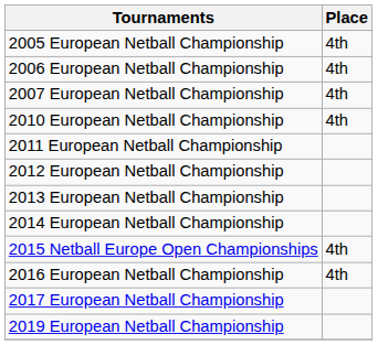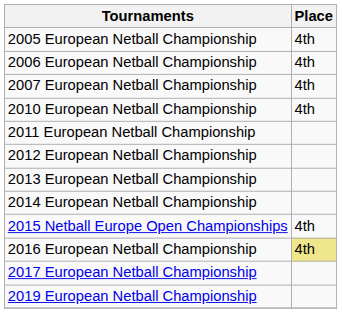 <table class="wikitable collapsible">
 <tr>
 <th>Tournaments</th>
 <th>Place</th>
 </tr>
 <tr>
 <td>2005 European Netball Championship</td>
 <td>4th</td>
 </tr>
 <tr>
 <td>2006 European Netball Championship</td>
 <td>4th</td>
 </tr>
 <tr>
 <td>2007 European Netball Championship</td>
 <td>4th</td>
 </tr>
 <tr>
 <td>2010 European Netball Championship</td>
 <td>4th</td>
 </tr>
 <tr>
 <td>2011 European Netball Championship</td>
 <td></td>
 </tr>
 <tr>
 <td>2012 European Netball Championship</td>
 <td></td>
 </tr>
 <tr>
 <td>2013 European Netball Championship</td>
 <td></td>
 </tr>
 <tr>
 <td>2014 European Netball Championship</td>
 <td></td>
 </tr>
 <tr>
 <td><a href='#'>2015 Netball Europe Open Championships</a></td>
 <td>4th</td>
 </tr>
 <tr>
 <td>2016 European Netball Championship</td>
-<td>4th</td>
+<td style="background: khaki;">4th</td>
 </tr>
 <tr>
 <td><a href='#'>2017 European Netball Championship</a></td>
 <td></td>
 </tr>
 <tr>
 <td><a href='#'>2019 European Netball Championship</a></td>
 <td></td>
 </tr>
 <tr>
 </tr>
 </table>
